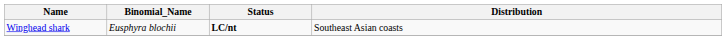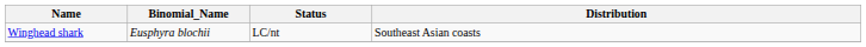 <table class="wikitable">
 <tr>
 <th width="10%">Name</th>
 <th width="10%">Binomial_Name</th>
 <th width="10%">Status</th>
 <th width="40%">Distribution</th>
 </tr>
 <tr>
 <td><a href='#'>Winghead shark</a></td>
 <td><em>Eusphyra blochii</em></td>
-<td><strong>LC/nt</strong></td>
+<td>LC/nt</td>
 <td>Southeast Asian coasts</td>
 </tr>
 <tr>
 </tr>
 </table>
